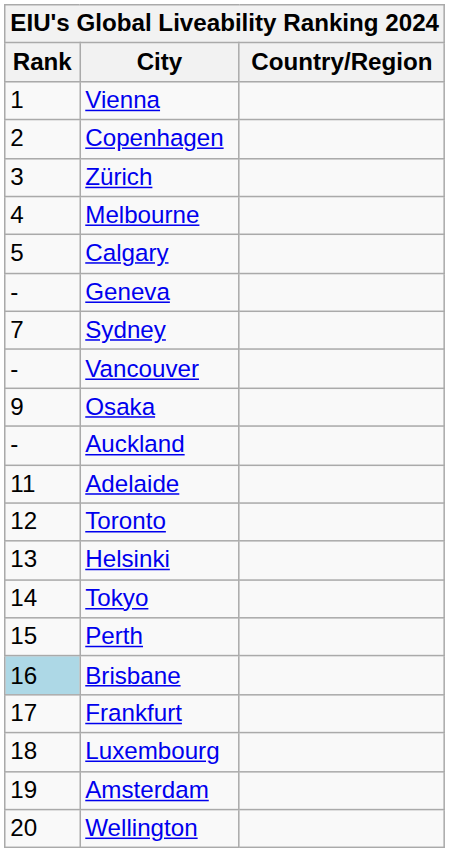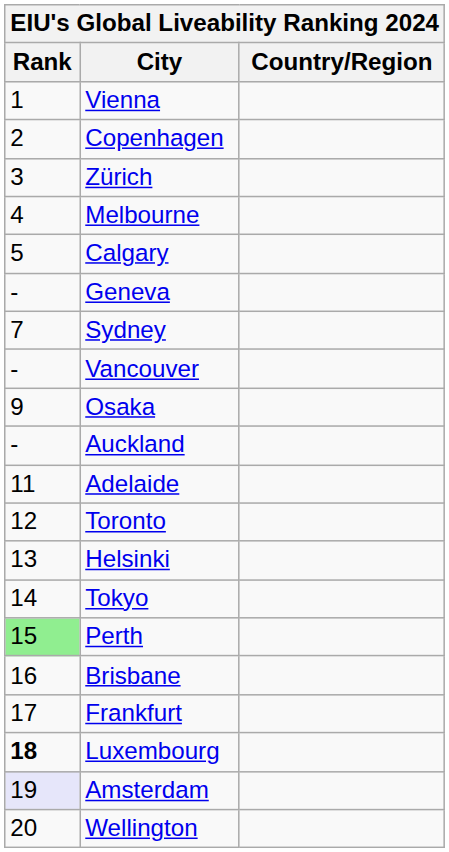 <table class="wikitable sortable">
 <tr>
 <th colspan="3">EIU's Global Liveability Ranking 2024</th>
 </tr>
 <tr>
 <th>Rank</th>
 <th>City</th>
 <th>Country/Region</th>
 </tr>
 <tr>
 <td>1</td>
 <td><a href='#'>Vienna</a></td>
 <td></td>
 </tr>
 <tr>
 <td>2</td>
 <td><a href='#'>Copenhagen</a></td>
 <td></td>
 </tr>
 <tr>
 <td>3</td>
 <td><a href='#'>Zürich</a></td>
 <td></td>
 </tr>
 <tr>
 <td>4</td>
 <td><a href='#'>Melbourne</a></td>
 <td></td>
 </tr>
 <tr>
 <td>5</td>
 <td><a href='#'>Calgary</a></td>
 <td></td>
 </tr>
 <tr>
 <td>-</td>
 <td><a href='#'>Geneva</a></td>
 <td></td>
 </tr>
 <tr>
 <td>7</td>
 <td><a href='#'>Sydney</a></td>
 <td></td>
 </tr>
 <tr>
 <td>-</td>
 <td><a href='#'>Vancouver</a></td>
 <td></td>
 </tr>
 <tr>
 <td>9</td>
 <td><a href='#'>Osaka</a></td>
 <td></td>
 </tr>
 <tr>
 <td>-</td>
 <td><a href='#'>Auckland</a></td>
 <td></td>
 </tr>
 <tr>
 <td>11</td>
 <td><a href='#'>Adelaide</a></td>
 <td></td>
 </tr>
 <tr>
 <td>12</td>
 <td><a href='#'>Toronto</a></td>
 <td></td>
 </tr>
 <tr>
 <td>13</td>
 <td><a href='#'>Helsinki</a></td>
 <td></td>
 </tr>
 <tr>
 <td>14</td>
 <td><a href='#'>Tokyo</a></td>
 <td></td>
 </tr>
 <tr>
-<td>15</td>
+<td style="background: lightgreen;">15</td>
 <td><a href='#'>Perth</a></td>
 <td></td>
 </tr>
 <tr>
-<td style="background: lightblue;">16</td>
+<td>16</td>
 <td><a href='#'>Brisbane</a></td>
 <td></td>
 </tr>
 <tr>
 <td>17</td>
 <td><a href='#'>Frankfurt</a></td>
 <td></td>
 </tr>
 <tr>
-<td>18</td>
+<td><strong>18</strong></td>
 <td><a href='#'>Luxembourg</a></td>
 <td></td>
 </tr>
 <tr>
-<td>19</td>
+<td style="background: lavender;">19</td>
 <td><a href='#'>Amsterdam</a></td>
 <td></td>
 </tr>
 <tr>
 <td>20</td>
 <td><a href='#'>Wellington</a></td>
 <td></td>
 </tr>
 </table>
